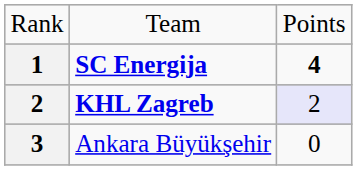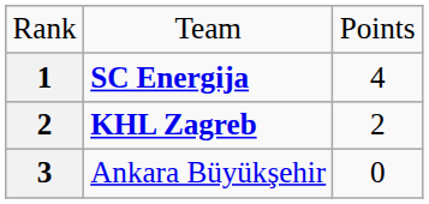 <table class="wikitable" style="text-align: center;">
 <tr>
 <td>Rank</td>
 <td>Team</td>
 <td>Points</td>
 </tr>
 <tr>
 <th>1</th>
 <td style="text-align: left;"> <strong><a href='#'>SC Energija</a></strong></td>
-<td><strong>4</strong></td>
+<td>4</td>
 </tr>
 <tr>
 <th>2</th>
 <td style="text-align: left;"> <strong><a href='#'>KHL Zagreb</a></strong></td>
-<td style="background: lavender;">2</td>
+<td>2</td>
 </tr>
 <tr>
 <th>3</th>
 <td style="text-align: left;"> <a href='#'>Ankara Büyükşehir</a></td>
 <td>0</td>
 </tr>
 </table>
